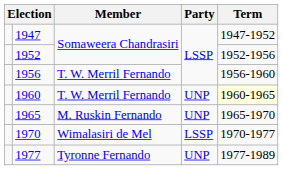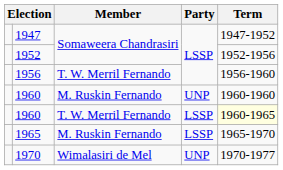 <table class="wikitable">
 <tr>
 <th colspan="2">Election</th>
 <th>Member</th>
 <th>Party</th>
 <th>Term</th>
 </tr>
 <tr>
 <td style="background-color: "></td>
 <td><a href='#'>1947</a></td>
 <td rowspan=2><a href='#'>Somaweera Chandrasiri</a></td>
 <td rowspan=3><a href='#'>LSSP</a></td>
 <td>1947-1952</td>
 </tr>
 <tr>
 <td style="background-color: "></td>
 <td><a href='#'>1952</a></td>
 <td>1952-1956</td>
 </tr>
 <tr>
 <td style="background-color: "></td>
 <td><a href='#'>1956</a></td>
 <td><a href='#'>T. W. Merril Fernando</a></td>
 <td>1956-1960</td>
 </tr>
 <tr>
 <td style="background-color: "></td>
 <td><a href='#'>1960</a></td>
+<td><a href='#'>M. Ruskin Fernando</a></td>
+<td><a href='#'>UNP</a></td>
+<td>1960-1960</td>
+</tr>
+<tr>
+<td style="background-color: "></td>
+<td><a href='#'>1960</a></td>
 <td><a href='#'>T. W. Merril Fernando</a></td>
-<td><a href='#'>UNP</a></td>
+<td><a href='#'>LSSP</a></td>
 <td style="background: lightyellow;">1960-1965</td>
 </tr>
 <tr>
 <td style="background-color: "></td>
 <td><a href='#'>1965</a></td>
 <td><a href='#'>M. Ruskin Fernando</a></td>
-<td><a href='#'>UNP</a></td>
+<td><a href='#'>LSSP</a></td>
 <td>1965-1970</td>
 </tr>
 <tr>
 <td style="background-color: "></td>
 <td><a href='#'>1970</a></td>
 <td><a href='#'>Wimalasiri de Mel</a></td>
-<td><a href='#'>LSSP</a></td>
+<td><a href='#'>UNP</a></td>
 <td>1970-1977</td>
 </tr>
-<tr>
-<td style="background-color: "></td>
-<td><a href='#'>1977</a></td>
-<td><a href='#'>Tyronne Fernando</a></td>
-<td><a href='#'>UNP</a></td>
-<td>1977-1989</td>
-</tr>
 </table>
